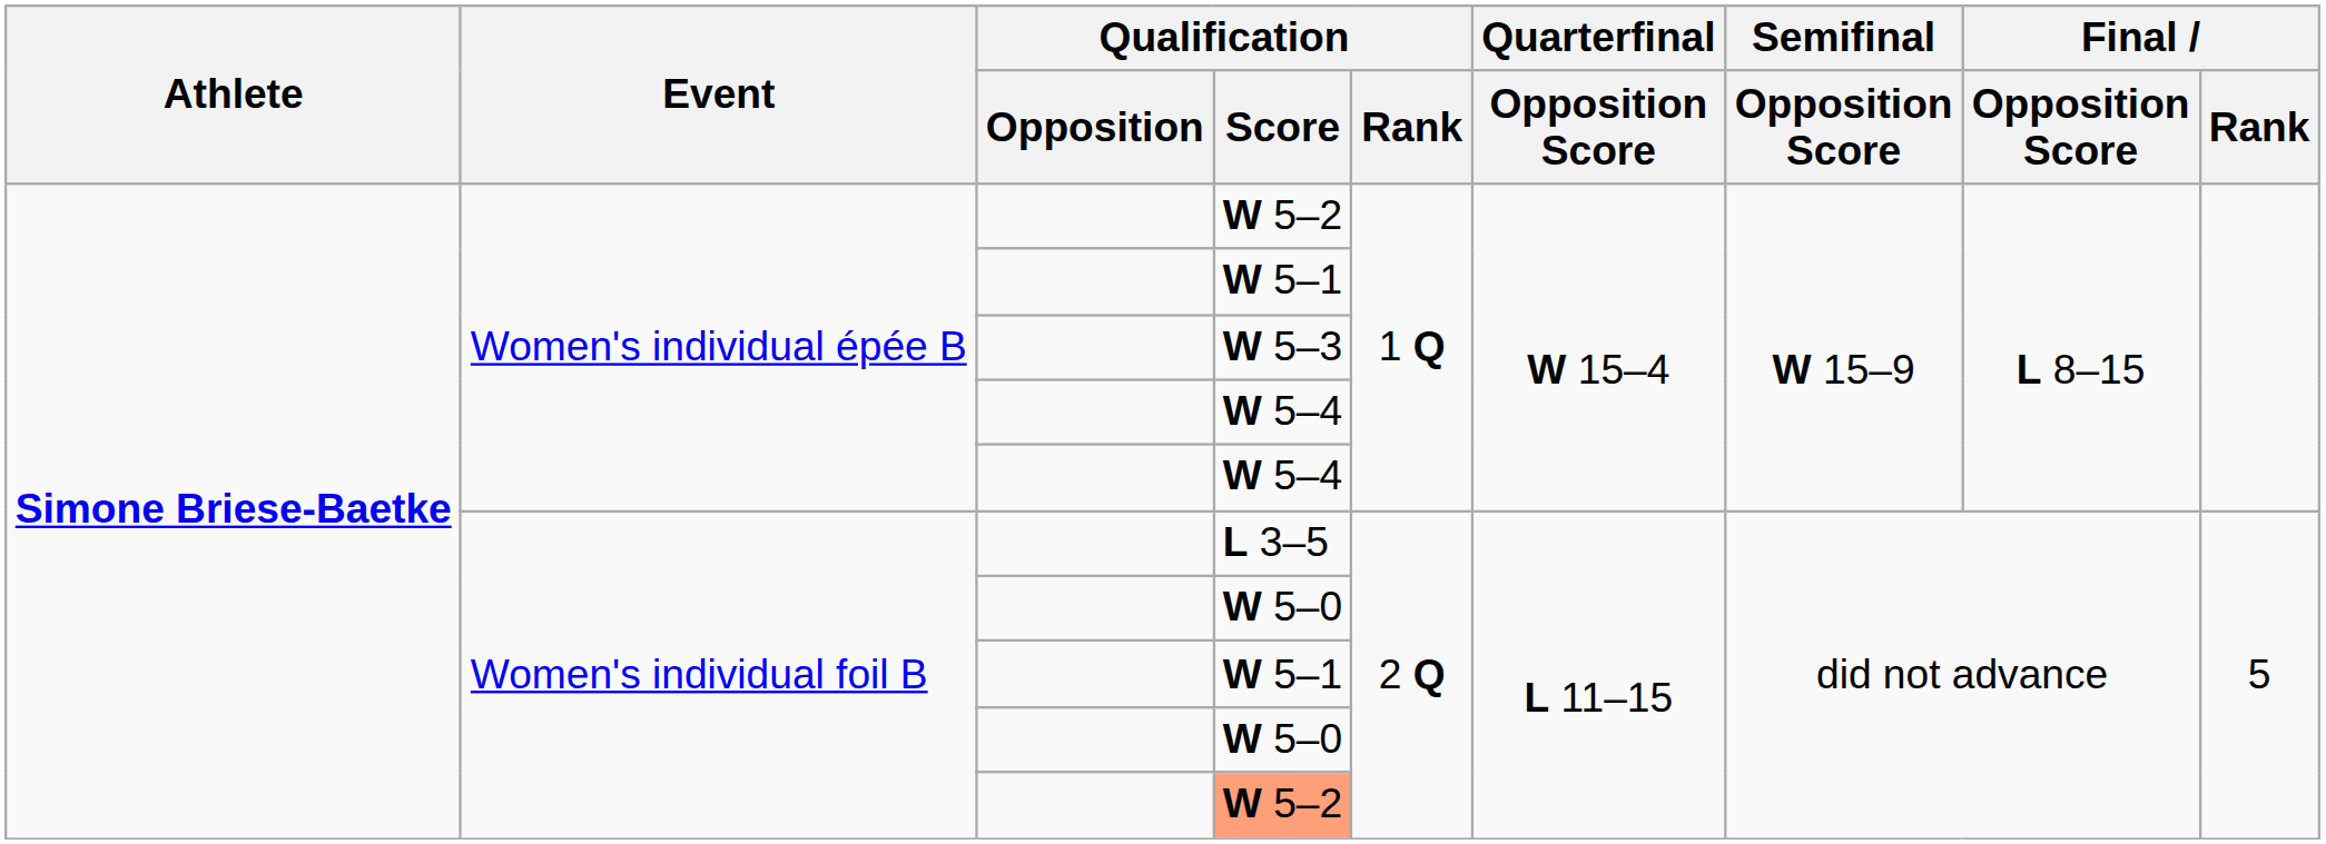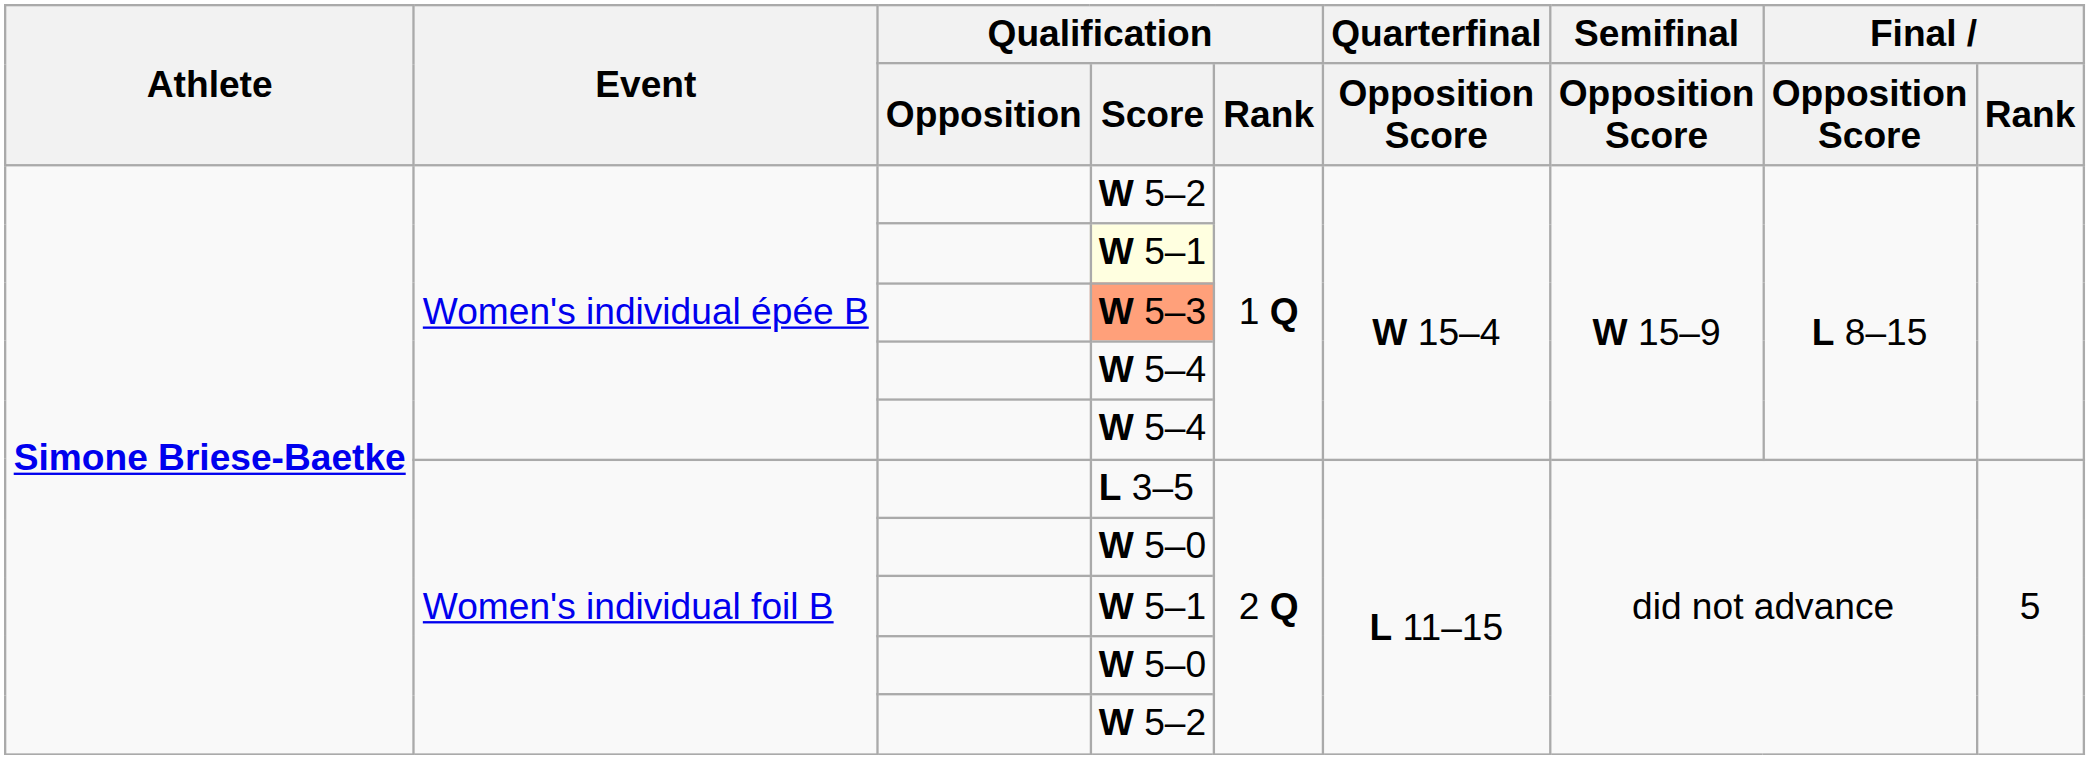 <table class=wikitable>
 <tr>
 <th rowspan="2">Athlete</th>
 <th rowspan="2">Event</th>
 <th colspan="3">Qualification</th>
 <th>Quarterfinal</th>
 <th>Semifinal</th>
 <th colspan="2">Final / </th>
 </tr>
 <tr>
 <th>Opposition</th>
 <th>Score</th>
 <th>Rank</th>
 <th>Opposition<br>Score</th>
 <th>Opposition<br>Score</th>
 <th>Opposition<br>Score</th>
 <th>Rank</th>
 </tr>
 <tr>
 <td rowspan=10><strong><a href='#'>Simone Briese-Baetke</a></strong></td>
 <td rowspan=5><a href='#'>Women's individual épée B</a></td>
 <td></td>
 <td><strong>W</strong> 5–2</td>
 <td align="center" rowspan=5>1 <strong>Q</strong></td>
 <td align="center" rowspan=5><br><strong>W</strong> 15–4</td>
 <td align="center" rowspan=5><br><strong>W</strong> 15–9</td>
 <td align="center" rowspan=5><br><strong>L</strong> 8–15</td>
 <td align="center" rowspan=5></td>
 </tr>
 <tr>
 <td></td>
-<td><strong>W</strong> 5–1</td>
+<td style="background: lightyellow;"><strong>W</strong> 5–1</td>
 </tr>
 <tr>
 <td></td>
-<td><strong>W</strong> 5–3</td>
+<td style="background: lightsalmon;"><strong>W</strong> 5–3</td>
 </tr>
 <tr>
 <td></td>
 <td><strong>W</strong> 5–4</td>
 </tr>
 <tr>
 <td></td>
 <td><strong>W</strong> 5–4</td>
 </tr>
 <tr>
 <td rowspan=5><a href='#'>Women's individual foil B</a></td>
 <td></td>
 <td><strong>L</strong> 3–5</td>
 <td align="center" rowspan=5>2 <strong>Q</strong></td>
 <td align="center" rowspan=5><br><strong>L</strong> 11–15</td>
 <td align="center" rowspan=5 colspan="2">did not advance</td>
 <td align="center" rowspan=5>5</td>
 </tr>
 <tr>
 <td></td>
 <td><strong>W</strong> 5–0</td>
 </tr>
 <tr>
 <td></td>
 <td><strong>W</strong> 5–1</td>
 </tr>
 <tr>
 <td></td>
 <td><strong>W</strong> 5–0</td>
 </tr>
 <tr>
 <td></td>
-<td style="background: lightsalmon;"><strong>W</strong> 5–2</td>
+<td><strong>W</strong> 5–2</td>
 </tr>
 </table>
